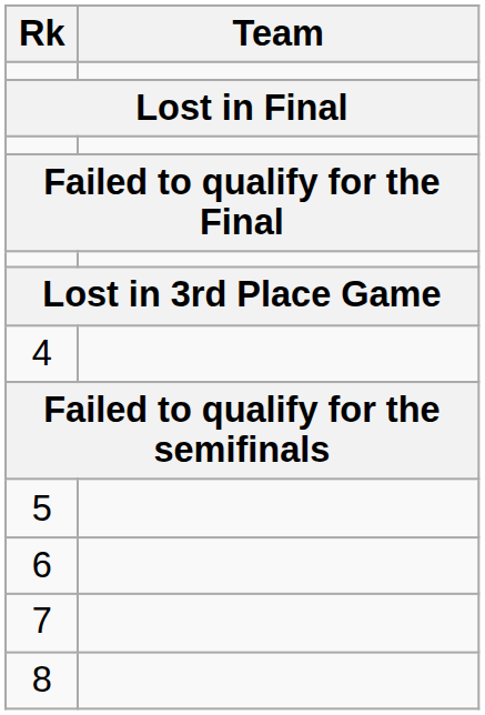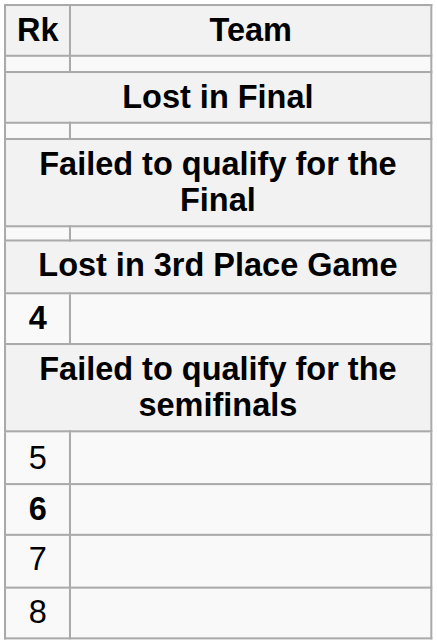 <table class=wikitable style=text-align:center>
 <tr>
 <th width=25>Rk</th>
 <th width=170>Team</th>
 </tr>
 <tr>
 <td></td>
 <td align=left></td>
 </tr>
 <tr>
 <th colspan="6">Lost in Final</th>
 </tr>
 <tr>
 <td></td>
 <td align=left></td>
 </tr>
 <tr>
 <th colspan="6">Failed to qualify for the Final</th>
 </tr>
 <tr>
 <td></td>
 <td align=left></td>
 </tr>
 <tr>
 <th colspan="6">Lost in 3rd Place Game</th>
 </tr>
 <tr>
-<td>4</td>
+<td><strong>4</strong></td>
 <td align=left></td>
 </tr>
 <tr>
 <th colspan="6">Failed to qualify for the semifinals</th>
 </tr>
 <tr>
 <td>5</td>
 <td align=left></td>
 </tr>
 <tr>
-<td>6</td>
+<td><strong>6</strong></td>
 <td align=left></td>
 </tr>
 <tr>
 <td>7</td>
 <td align=left></td>
 </tr>
 <tr>
 <td>8</td>
 <td align=left></td>
 </tr>
 </table>
